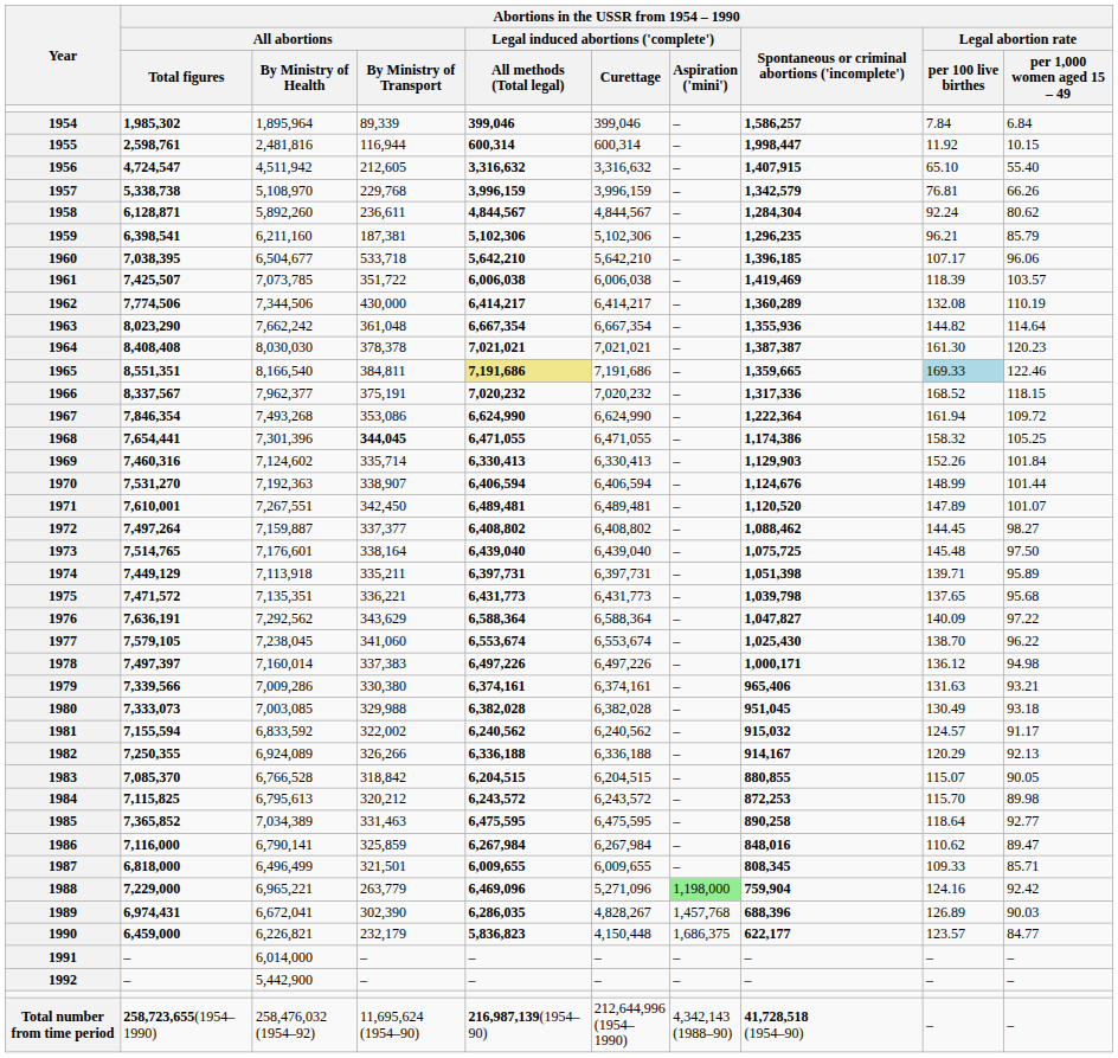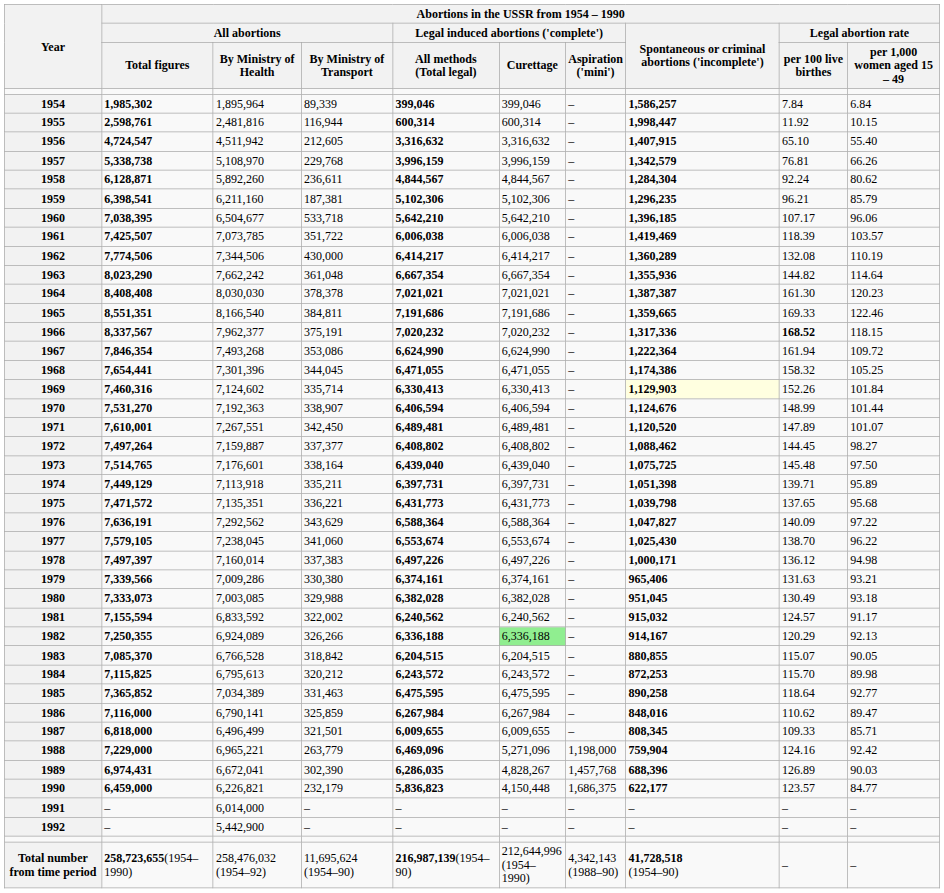 <table class="wikitable sortable mw-collapsible mw-collapsed">
 <tr>
 <th rowspan="4">Year</th>
 <th colspan="9">Abortions in the USSR from 1954 – 1990 </th>
 </tr>
 <tr>
 <th colspan="3">All abortions</th>
 <th colspan="3">Legal induced abortions ('complete')</th>
 <th rowspan="3">Spontaneous or criminal abortions ('incomplete')</th>
 <th colspan="2">Legal abortion rate</th>
 </tr>
 <tr>
 <th rowspan="2">Total figures</th>
 <th rowspan="2">By Ministry of Health</th>
 <th rowspan="2">By Ministry of Transport</th>
 <th rowspan="2">All methods<br>(Total legal)</th>
 <th rowspan="2">Curettage</th>
 <th rowspan="2">Aspiration<br>('mini')</th>
 <th rowspan="2">per 100 live birthes</th>
 <th rowspan="2">per 1,000 women aged 15 – 49</th>
 </tr>
 <tr>
 </tr>
 <tr>
 <td></td>
 <td></td>
 <td></td>
 <td></td>
 <td></td>
 <td></td>
 <td></td>
 <td></td>
 <td></td>
 <td></td>
 </tr>
 <tr>
 <th>1954</th>
 <td><strong>1,985,302</strong></td>
 <td>1,895,964</td>
 <td>89,339</td>
 <td><strong>399,046</strong></td>
 <td>399,046</td>
 <td>–</td>
 <td><strong>1,586,257</strong></td>
 <td>7.84</td>
 <td>6.84</td>
 </tr>
 <tr>
 <th>1955</th>
 <td><strong>2,598,761</strong></td>
 <td>2,481,816</td>
 <td>116,944</td>
 <td><strong>600,314</strong></td>
 <td>600,314</td>
 <td>–</td>
 <td><strong>1,998,447</strong></td>
 <td>11.92</td>
 <td>10.15</td>
 </tr>
 <tr>
 <th>1956</th>
 <td><strong>4,724,547</strong></td>
 <td>4,511,942</td>
 <td>212,605</td>
 <td><strong>3,316,632</strong></td>
 <td>3,316,632</td>
 <td>–</td>
 <td><strong>1,407,915</strong></td>
 <td>65.10</td>
 <td>55.40</td>
 </tr>
 <tr>
 <th>1957</th>
 <td><strong>5,338,738</strong></td>
 <td>5,108,970</td>
 <td>229,768</td>
 <td><strong>3,996,159</strong></td>
 <td>3,996,159</td>
 <td>–</td>
 <td><strong>1,342,579</strong></td>
 <td>76.81</td>
 <td>66.26</td>
 </tr>
 <tr>
 <th>1958</th>
 <td><strong>6,128,871</strong></td>
 <td>5,892,260</td>
 <td>236,611</td>
 <td><strong>4,844,567</strong></td>
 <td>4,844,567</td>
 <td>–</td>
 <td><strong>1,284,304</strong></td>
 <td>92.24</td>
 <td>80.62</td>
 </tr>
 <tr>
 <th>1959</th>
 <td><strong>6,398,541</strong></td>
 <td>6,211,160</td>
 <td>187,381</td>
 <td><strong>5,102,306</strong></td>
 <td>5,102,306</td>
 <td>–</td>
 <td><strong>1,296,235</strong></td>
 <td>96.21</td>
 <td>85.79</td>
 </tr>
 <tr>
 <th>1960</th>
 <td><strong>7,038,395</strong></td>
 <td>6,504,677</td>
 <td>533,718</td>
 <td><strong>5,642,210</strong></td>
 <td>5,642,210</td>
 <td>–</td>
 <td><strong>1,396,185</strong></td>
 <td>107.17</td>
 <td>96.06</td>
 </tr>
 <tr>
 <th>1961</th>
 <td><strong>7,425,507</strong></td>
 <td>7,073,785</td>
 <td>351,722</td>
 <td><strong>6,006,038</strong></td>
 <td>6,006,038</td>
 <td>–</td>
 <td><strong>1,419,469</strong></td>
 <td>118.39</td>
 <td>103.57</td>
 </tr>
 <tr>
 <th>1962</th>
 <td><strong>7,774,506</strong></td>
 <td>7,344,506</td>
 <td>430,000</td>
 <td><strong>6,414,217</strong></td>
 <td>6,414,217</td>
 <td>–</td>
 <td><strong>1,360,289</strong></td>
 <td>132.08</td>
 <td>110.19</td>
 </tr>
 <tr>
 <th>1963</th>
 <td><strong>8,023,290</strong></td>
 <td>7,662,242</td>
 <td>361,048</td>
 <td><strong>6,667,354</strong></td>
 <td>6,667,354</td>
 <td>–</td>
 <td><strong>1,355,936</strong></td>
 <td>144.82</td>
 <td>114.64</td>
 </tr>
 <tr>
 <th>1964</th>
 <td><strong>8,408,408</strong></td>
 <td>8,030,030</td>
 <td>378,378</td>
 <td><strong>7,021,021</strong></td>
 <td>7,021,021</td>
 <td>–</td>
 <td><strong>1,387,387</strong></td>
 <td>161.30</td>
 <td>120.23</td>
 </tr>
 <tr>
 <th>1965</th>
 <td><strong>8,551,351</strong></td>
 <td>8,166,540</td>
 <td>384,811</td>
-<td style="background: khaki;"><strong>7,191,686</strong></td>
+<td><strong>7,191,686</strong></td>
 <td>7,191,686</td>
 <td>–</td>
 <td><strong>1,359,665</strong></td>
-<td style="background: lightblue;">169.33</td>
+<td>169.33</td>
 <td>122.46</td>
 </tr>
 <tr>
 <th>1966</th>
 <td><strong>8,337,567</strong></td>
 <td>7,962,377</td>
 <td>375,191</td>
 <td><strong>7,020,232</strong></td>
 <td>7,020,232</td>
 <td>–</td>
 <td><strong>1,317,336</strong></td>
-<td>168.52</td>
+<td><strong>168.52</strong></td>
 <td>118.15</td>
 </tr>
 <tr>
 <th>1967</th>
 <td><strong>7,846,354</strong></td>
 <td>7,493,268</td>
 <td>353,086</td>
 <td><strong>6,624,990</strong></td>
 <td>6,624,990</td>
 <td>–</td>
 <td><strong>1,222,364</strong></td>
 <td>161.94</td>
 <td>109.72</td>
 </tr>
 <tr>
 <th>1968</th>
 <td><strong>7,654,441</strong></td>
 <td>7,301,396</td>
-<td><strong>344,045</strong></td>
+<td>344,045</td>
 <td><strong>6,471,055</strong></td>
 <td>6,471,055</td>
 <td>–</td>
 <td><strong>1,174,386</strong></td>
 <td>158.32</td>
 <td>105.25</td>
 </tr>
 <tr>
 <th>1969</th>
 <td><strong>7,460,316</strong></td>
 <td>7,124,602</td>
 <td>335,714</td>
 <td><strong>6,330,413</strong></td>
 <td>6,330,413</td>
 <td>–</td>
-<td><strong>1,129,903</strong></td>
+<td style="background: lightyellow;"><strong>1,129,903</strong></td>
 <td>152.26</td>
 <td>101.84</td>
 </tr>
 <tr>
 <th>1970</th>
 <td><strong>7,531,270</strong></td>
 <td>7,192,363</td>
 <td>338,907</td>
 <td><strong>6,406,594</strong></td>
 <td>6,406,594</td>
 <td>–</td>
 <td><strong>1,124,676</strong></td>
 <td>148.99</td>
 <td>101.44</td>
 </tr>
 <tr>
 <th>1971</th>
 <td><strong>7,610,001</strong></td>
 <td>7,267,551</td>
 <td>342,450</td>
 <td><strong>6,489,481</strong></td>
 <td>6,489,481</td>
 <td>–</td>
 <td><strong>1,120,520</strong></td>
 <td>147.89</td>
 <td>101.07</td>
 </tr>
 <tr>
 <th>1972</th>
 <td><strong>7,497,264</strong></td>
 <td>7,159,887</td>
 <td>337,377</td>
 <td><strong>6,408,802</strong></td>
 <td>6,408,802</td>
 <td>–</td>
 <td><strong>1,088,462</strong></td>
 <td>144.45</td>
 <td>98.27</td>
 </tr>
 <tr>
 <th>1973</th>
 <td><strong>7,514,765</strong></td>
 <td>7,176,601</td>
 <td>338,164</td>
 <td><strong>6,439,040</strong></td>
 <td>6,439,040</td>
 <td>–</td>
 <td><strong>1,075,725</strong></td>
 <td>145.48</td>
 <td>97.50</td>
 </tr>
 <tr>
 <th>1974</th>
 <td><strong>7,449,129</strong></td>
 <td>7,113,918</td>
 <td>335,211</td>
 <td><strong>6,397,731</strong></td>
 <td>6,397,731</td>
 <td>–</td>
 <td><strong>1,051,398</strong></td>
 <td>139.71</td>
 <td>95.89</td>
 </tr>
 <tr>
 <th>1975</th>
 <td><strong>7,471,572</strong></td>
 <td>7,135,351</td>
 <td>336,221</td>
 <td><strong>6,431,773</strong></td>
 <td>6,431,773</td>
 <td>–</td>
 <td><strong>1,039,798</strong></td>
 <td>137.65</td>
 <td>95.68</td>
 </tr>
 <tr>
 <th>1976</th>
 <td><strong>7,636,191</strong></td>
 <td>7,292,562</td>
 <td>343,629</td>
 <td><strong>6,588,364</strong></td>
 <td>6,588,364</td>
 <td>–</td>
 <td><strong>1,047,827</strong></td>
 <td>140.09</td>
 <td>97.22</td>
 </tr>
 <tr>
 <th>1977</th>
 <td><strong>7,579,105</strong></td>
 <td>7,238,045</td>
 <td>341,060</td>
 <td><strong>6,553,674</strong></td>
 <td>6,553,674</td>
 <td>–</td>
 <td><strong>1,025,430</strong></td>
 <td>138.70</td>
 <td>96.22</td>
 </tr>
 <tr>
 <th>1978</th>
 <td><strong>7,497,397</strong></td>
 <td>7,160,014</td>
 <td>337,383</td>
 <td><strong>6,497,226</strong></td>
 <td>6,497,226</td>
 <td>–</td>
 <td><strong>1,000,171</strong></td>
 <td>136.12</td>
 <td>94.98</td>
 </tr>
 <tr>
 <th>1979</th>
 <td><strong>7,339,566</strong></td>
 <td>7,009,286</td>
 <td>330,380</td>
 <td><strong>6,374,161</strong></td>
 <td>6,374,161</td>
 <td>–</td>
 <td><strong>965,406</strong></td>
 <td>131.63</td>
 <td>93.21</td>
 </tr>
 <tr>
 <th>1980</th>
 <td><strong>7,333,073</strong></td>
 <td>7,003,085</td>
 <td>329,988</td>
 <td><strong>6,382,028</strong></td>
 <td>6,382,028</td>
 <td>–</td>
 <td><strong>951,045</strong></td>
 <td>130.49</td>
 <td>93.18</td>
 </tr>
 <tr>
 <th>1981</th>
 <td><strong>7,155,594</strong></td>
 <td>6,833,592</td>
 <td>322,002</td>
 <td><strong>6,240,562</strong></td>
 <td>6,240,562</td>
 <td>–</td>
 <td><strong>915,032</strong></td>
 <td>124.57</td>
 <td>91.17</td>
 </tr>
 <tr>
 <th>1982</th>
 <td><strong>7,250,355</strong></td>
 <td>6,924,089</td>
 <td>326,266</td>
 <td><strong>6,336,188</strong></td>
-<td>6,336,188</td>
+<td style="background: lightgreen;">6,336,188</td>
 <td>–</td>
 <td><strong>914,167</strong></td>
 <td>120.29</td>
 <td>92.13</td>
 </tr>
 <tr>
 <th>1983</th>
 <td><strong>7,085,370</strong></td>
 <td>6,766,528</td>
 <td>318,842</td>
 <td><strong>6,204,515</strong></td>
 <td>6,204,515</td>
 <td>–</td>
 <td><strong>880,855</strong></td>
 <td>115.07</td>
 <td>90.05</td>
 </tr>
 <tr>
 <th>1984</th>
 <td><strong>7,115,825</strong></td>
 <td>6,795,613</td>
 <td>320,212</td>
 <td><strong>6,243,572</strong></td>
 <td>6,243,572</td>
 <td>–</td>
 <td><strong>872,253</strong></td>
 <td>115.70</td>
 <td>89.98</td>
 </tr>
 <tr>
 <th>1985</th>
 <td><strong>7,365,852</strong></td>
 <td>7,034,389</td>
 <td>331,463</td>
 <td><strong>6,475,595</strong></td>
 <td>6,475,595</td>
 <td>–</td>
 <td><strong>890,258</strong></td>
 <td>118.64</td>
 <td>92.77</td>
 </tr>
 <tr>
 <th>1986</th>
 <td><strong>7,116,000</strong></td>
 <td>6,790,141</td>
 <td>325,859</td>
 <td><strong>6,267,984</strong></td>
 <td>6,267,984</td>
 <td>–</td>
 <td><strong>848,016</strong></td>
 <td>110.62</td>
 <td>89.47</td>
 </tr>
 <tr>
 <th>1987</th>
 <td><strong>6,818,000</strong></td>
 <td>6,496,499</td>
 <td>321,501</td>
 <td><strong>6,009,655</strong></td>
 <td>6,009,655</td>
 <td>–</td>
 <td><strong>808,345</strong></td>
 <td>109.33</td>
 <td>85.71</td>
 </tr>
 <tr>
 <th>1988</th>
 <td><strong>7,229,000</strong></td>
 <td>6,965,221</td>
 <td>263,779</td>
 <td><strong>6,469,096</strong></td>
 <td>5,271,096</td>
-<td style="background: lightgreen;">1,198,000</td>
+<td>1,198,000</td>
 <td><strong>759,904</strong></td>
 <td>124.16</td>
 <td>92.42</td>
 </tr>
 <tr>
 <th>1989</th>
 <td><strong>6,974,431</strong></td>
 <td>6,672,041</td>
 <td>302,390</td>
 <td><strong>6,286,035</strong></td>
 <td>4,828,267</td>
 <td>1,457,768</td>
 <td><strong>688,396</strong></td>
 <td>126.89</td>
 <td>90.03</td>
 </tr>
 <tr>
 <th>1990</th>
 <td><strong>6,459,000</strong></td>
 <td>6,226,821</td>
 <td>232,179</td>
 <td><strong>5,836,823</strong></td>
 <td>4,150,448</td>
 <td>1,686,375</td>
 <td><strong>622,177</strong></td>
 <td>123.57</td>
 <td>84.77</td>
 </tr>
 <tr>
 <th>1991</th>
 <td>–</td>
 <td>6,014,000</td>
 <td>–</td>
 <td>–</td>
 <td>–</td>
 <td>–</td>
 <td>–</td>
 <td>–</td>
 <td>–</td>
 </tr>
 <tr>
 <th>1992</th>
 <td>–</td>
 <td>5,442,900</td>
 <td>–</td>
 <td>–</td>
 <td>–</td>
 <td>–</td>
 <td>–</td>
 <td>–</td>
 <td>–</td>
 </tr>
 <tr>
 <td></td>
 <td></td>
 <td></td>
 <td></td>
 <td></td>
 <td></td>
 <td></td>
 <td></td>
 <td></td>
 <td></td>
 </tr>
 <tr>
 <th>Total number from time period</th>
 <td><strong>258,723,655</strong>(1954–1990)</td>
 <td>258,476,032<br>(1954–92)</td>
 <td>11,695,624<br>(1954–90)</td>
 <td><strong>216,987,139</strong>(1954–90)</td>
 <td>212,644,996<br>(1954–1990)</td>
 <td>4,342,143<br>(1988–90)</td>
 <td><strong>41,728,518</strong><br>(1954–90)</td>
 <td>–</td>
 <td>–</td>
 </tr>
 </table>
